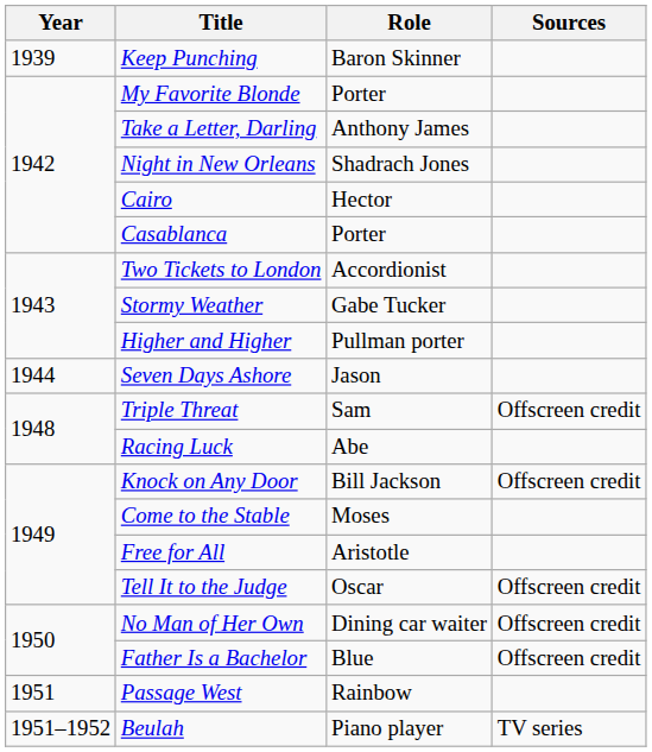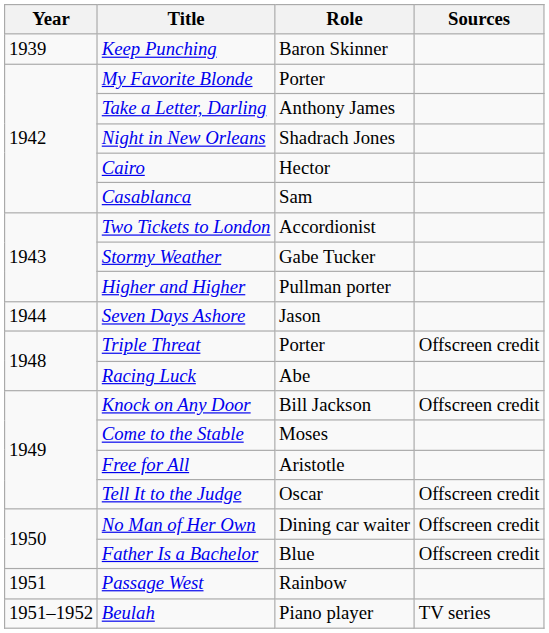 <table class="wikitable sortable">
 <tr>
 <th>Year</th>
 <th>Title</th>
 <th>Role</th>
 <th class="unsortable">Sources</th>
 </tr>
 <tr>
 <td>1939</td>
 <td><em><a href='#'>Keep Punching</a></em></td>
 <td>Baron Skinner</td>
 <td></td>
 </tr>
 <tr>
 <td rowspan=5>1942</td>
 <td><em><a href='#'>My Favorite Blonde</a></em></td>
 <td>Porter</td>
 <td></td>
 </tr>
 <tr>
 <td><em><a href='#'>Take a Letter, Darling</a></em></td>
 <td>Anthony James</td>
 <td></td>
 </tr>
 <tr>
 <td><em><a href='#'>Night in New Orleans</a></em></td>
 <td>Shadrach Jones</td>
 <td></td>
 </tr>
 <tr>
 <td><em><a href='#'>Cairo</a></em></td>
 <td>Hector</td>
 <td></td>
 </tr>
 <tr>
 <td><em><a href='#'>Casablanca</a></em></td>
-<td>Porter</td>
+<td>Sam</td>
 <td></td>
 </tr>
 <tr>
 <td rowspan=3>1943</td>
 <td><em><a href='#'>Two Tickets to London</a></em></td>
 <td>Accordionist</td>
 <td></td>
 </tr>
 <tr>
 <td><em><a href='#'>Stormy Weather</a></em></td>
 <td>Gabe Tucker</td>
 <td></td>
 </tr>
 <tr>
 <td><em><a href='#'>Higher and Higher</a></em></td>
 <td>Pullman porter</td>
 <td></td>
 </tr>
 <tr>
 <td>1944</td>
 <td><em><a href='#'>Seven Days Ashore</a></em></td>
 <td>Jason</td>
 <td></td>
 </tr>
 <tr>
 <td rowspan=2>1948</td>
 <td><em><a href='#'>Triple Threat</a></em></td>
-<td>Sam</td>
+<td>Porter</td>
 <td>Offscreen credit</td>
 </tr>
 <tr>
 <td><em><a href='#'>Racing Luck</a></em></td>
 <td>Abe</td>
 <td></td>
 </tr>
 <tr>
 <td rowspan=4>1949</td>
 <td><em><a href='#'>Knock on Any Door</a></em></td>
 <td>Bill Jackson</td>
 <td>Offscreen credit</td>
 </tr>
 <tr>
 <td><em><a href='#'>Come to the Stable</a></em></td>
 <td>Moses</td>
 <td></td>
 </tr>
 <tr>
 <td><em><a href='#'>Free for All</a></em></td>
 <td>Aristotle</td>
 <td></td>
 </tr>
 <tr>
 <td><em><a href='#'>Tell It to the Judge</a></em></td>
 <td>Oscar</td>
 <td>Offscreen credit</td>
 </tr>
 <tr>
 <td rowspan=2>1950</td>
 <td><em><a href='#'>No Man of Her Own</a></em></td>
 <td>Dining car waiter</td>
 <td>Offscreen credit</td>
 </tr>
 <tr>
 <td><em><a href='#'>Father Is a Bachelor</a></em></td>
 <td>Blue</td>
 <td>Offscreen credit</td>
 </tr>
 <tr>
 <td>1951</td>
 <td><em><a href='#'>Passage West</a></em></td>
 <td>Rainbow</td>
 <td></td>
 </tr>
 <tr>
 <td>1951–1952</td>
 <td><em><a href='#'>Beulah</a></em></td>
 <td>Piano player</td>
 <td>TV series</td>
 </tr>
 </table>
